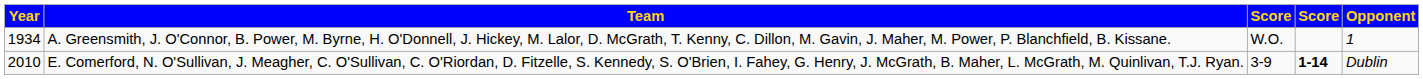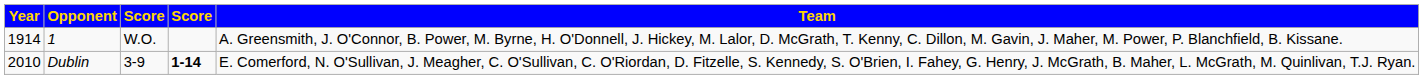 <table class="wikitable">
 <tr style="text-align:center;background:blue;color:gold;">
 <td><strong>Year</strong></td>
-<td><strong>Team</strong></td>
+<td><strong>Opponent</strong></td>
 <td><strong>Score</strong></td>
 <td><strong>Score</strong></td>
-<td><strong>Opponent</strong></td>
+<td><strong>Team</strong></td>
 </tr>
 <tr>
-<td>1934</td>
-<td>A. Greensmith, J. O'Connor, B. Power, M. Byrne, H. O'Donnell, J. Hickey, M. Lalor, D. McGrath, T. Kenny, C. Dillon, M. Gavin, J. Maher, M. Power, P. Blanchfield, B. Kissane.</td>
+<td>1914</td>
+<td><em>1</em></td>
 <td>W.O.</td>
 <td></td>
-<td><em>1</em></td>
+<td>A. Greensmith, J. O'Connor, B. Power, M. Byrne, H. O'Donnell, J. Hickey, M. Lalor, D. McGrath, T. Kenny, C. Dillon, M. Gavin, J. Maher, M. Power, P. Blanchfield, B. Kissane.</td>
 </tr>
 <tr>
 <td>2010</td>
-<td>E. Comerford, N. O'Sullivan, J. Meagher, C. O'Sullivan, C. O'Riordan, D. Fitzelle, S. Kennedy, S. O'Brien, I. Fahey, G. Henry, J. McGrath, B. Maher, L. McGrath, M. Quinlivan, T.J. Ryan.</td>
+<td><em>Dublin</em></td>
 <td>3-9</td>
 <td><strong>1-14</strong></td>
-<td><em>Dublin</em></td>
+<td>E. Comerford, N. O'Sullivan, J. Meagher, C. O'Sullivan, C. O'Riordan, D. Fitzelle, S. Kennedy, S. O'Brien, I. Fahey, G. Henry, J. McGrath, B. Maher, L. McGrath, M. Quinlivan, T.J. Ryan.</td>
 </tr>
 </table>
